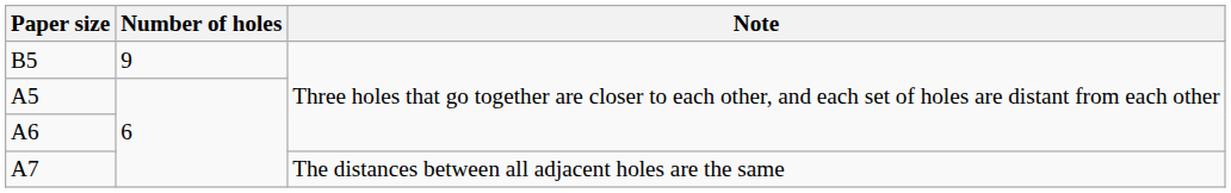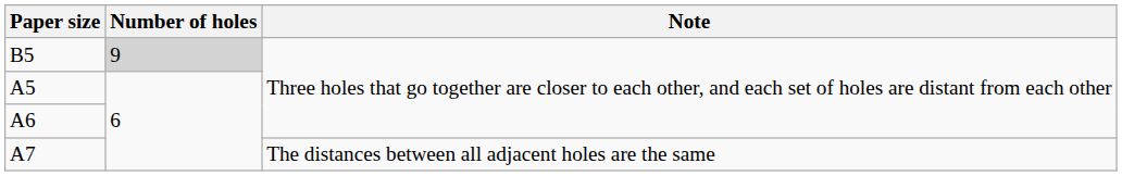 <table class="wikitable">
 <tr>
 <th>Paper size</th>
 <th>Number of holes</th>
 <th>Note</th>
 </tr>
 <tr>
 <td>B5</td>
-<td>9</td>
+<td style="background: lightgrey;">9</td>
 <td rowspan="3">Three holes that go together are closer to each other, and each set of holes are distant from each other</td>
 </tr>
 <tr>
 <td>A5</td>
 <td rowspan="3">6</td>
 </tr>
 <tr>
 <td>A6</td>
 </tr>
 <tr>
 <td>A7</td>
 <td>The distances between all adjacent holes are the same</td>
 </tr>
 </table>
